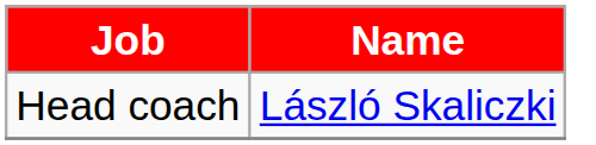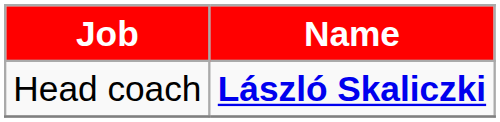 <table class="wikitable" bgcolor="#f7f8ff" cellpadding="3" cellspacing="0" border="1" style="font-size: 95%; border: gray solid 1px; border-collapse: collapse;">
 <tr style="color: #fff;background:red">
 <td align=center><strong>Job</strong></td>
 <td align=center><strong>Name</strong></td>
 </tr>
 <tr>
 <td align=left>Head coach</td>
-<td align=left> <a href='#'>László Skaliczki</a></td>
+<td align=left><strong> <a href='#'>László Skaliczki</a></strong></td>
 </tr>
 <tr>
 </tr>
 </table>
